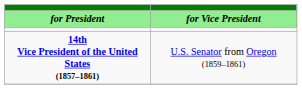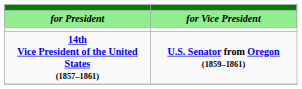 <table class="wikitable" style="font-size:90%; text-align:center;">
 <tr>
 <th style="width:3em; font-size:135%; background:#008000; width:200px;"><a href='#'></a></th>
 <th style="width:3em; font-size:135%; background:#008000; width:200px;"><a href='#'></a></th>
 </tr>
 <tr style="color:#000000; font-size:100%; background:#008000;">
 <td style="width:3em; font-size:100%; color:#000; background:lightgreen; width:200px;"><strong><em>for President</em></strong></td>
 <td style="width:3em; font-size:100%; color:#000; background:lightgreen; width:200px;"><strong><em>for Vice President</em></strong></td>
 </tr>
 <tr>
 <td></td>
 <td></td>
 </tr>
 <tr>
 <td><strong><a href='#'>14th</a><br><a href='#'>Vice President of the United States</a><br><small>(1857–1861)</small></strong></td>
-<td><a href='#'>U.S. Senator</a> from <a href='#'>Oregon</a><br><small>(1859–1861)</small></td>
+<td><strong><a href='#'>U.S. Senator</a> from <a href='#'>Oregon</a><br><small>(1859–1861)</small></strong></td>
 </tr>
 <tr>
 </tr>
 </table>
